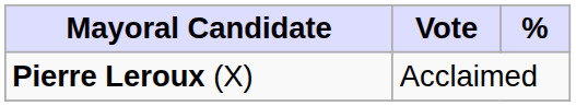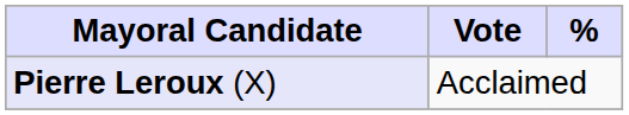 <table class="wikitable">
 <tr>
 <th style="background:#ddf; width:200px;">Mayoral Candidate</th>
 <th style="background:#ddf; width:50px;">Vote</th>
 <th style="background:#ddf; width:30px;">%</th>
 </tr>
 <tr>
-<td><strong>Pierre Leroux</strong> (X)</td>
+<td style="background: lavender;"><strong>Pierre Leroux</strong> (X)</td>
 <td colspan="2">Acclaimed</td>
 </tr>
 </table>
